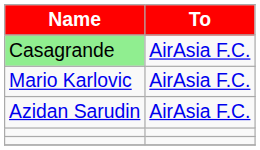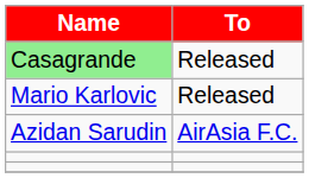 <table class="wikitable sortable">
 <tr>
 <th style="background:Red; color:White;">Name</th>
 <th style="background:Red; color:White;">To</th>
 </tr>
 <tr>
 <td style="background: lightgreen;"> Casagrande</td>
-<td> <a href='#'>AirAsia F.C.</a></td>
+<td>Released</td>
 </tr>
 <tr>
 <td> <a href='#'>Mario Karlovic</a></td>
-<td> <a href='#'>AirAsia F.C.</a></td>
+<td>Released</td>
 </tr>
 <tr>
 <td> <a href='#'>Azidan Sarudin</a></td>
 <td> <a href='#'>AirAsia F.C.</a></td>
 </tr>
 <tr>
 <td></td>
 <td></td>
 </tr>
 <tr>
 <td></td>
 <td></td>
 </tr>
 <tr>
 </tr>
 </table>
